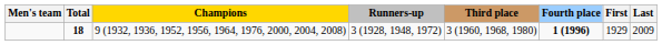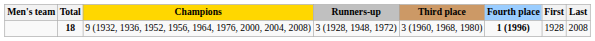 <table class="wikitable" style="text-align: center; font-size: 90%; margin-left: 1em;">
 <tr>
 <th>Men's team</th>
 <th>Total</th>
 <th style="background-color: gold;">Champions</th>
 <th style="background-color: silver;">Runners-up</th>
 <th style="background-color: #cc9966;">Third place</th>
 <th style="background-color: #9acdff;">Fourth place</th>
 <th>First</th>
 <th>Last</th>
 </tr>
 <tr>
 <td style="text-align: left;"></td>
 <td><strong>18</strong></td>
 <td>9 (1932, 1936, 1952, 1956, 1964, 1976, 2000, 2004, 2008)</td>
 <td>3 (1928, 1948, 1972)</td>
 <td>3 (1960, 1968, 1980)</td>
 <td><strong>1 (1996)</strong></td>
-<td>1929</td>
-<td>2009</td>
+<td>1928</td>
+<td>2008</td>
 </tr>
 </table>
